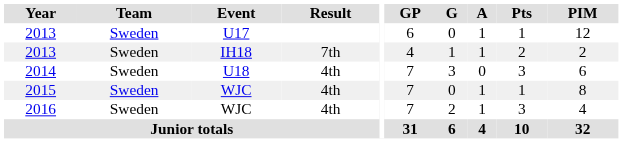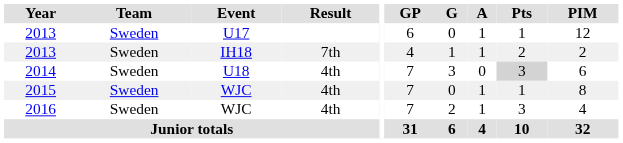 <table border="0" cellpadding="1" cellspacing="0" ID="Table3" style="text-align:center; width:40em">
 <tr ALIGN="center" bgcolor="#e0e0e0">
 <th>Year</th>
 <th>Team</th>
 <th>Event</th>
 <th>Result</th>
 <th rowspan="99" bgcolor="#ffffff"></th>
 <th>GP</th>
 <th>G</th>
 <th>A</th>
 <th>Pts</th>
 <th>PIM</th>
 </tr>
 <tr>
 <td><a href='#'>2013</a></td>
 <td><a href='#'>Sweden</a></td>
 <td><a href='#'>U17</a></td>
 <td></td>
 <td>6</td>
 <td>0</td>
 <td>1</td>
 <td>1</td>
 <td>12</td>
 </tr>
 <tr bgcolor="#f0f0f0">
 <td><a href='#'>2013</a></td>
 <td>Sweden</td>
 <td><a href='#'>IH18</a></td>
 <td>7th</td>
 <td>4</td>
 <td>1</td>
 <td>1</td>
 <td>2</td>
 <td>2</td>
 </tr>
 <tr>
 <td><a href='#'>2014</a></td>
 <td>Sweden</td>
 <td><a href='#'>U18</a></td>
 <td>4th</td>
 <td>7</td>
 <td>3</td>
 <td>0</td>
-<td>3</td>
+<td style="background: lightgrey;">3</td>
 <td>6</td>
 </tr>
 <tr bgcolor="#f0f0f0">
 <td><a href='#'>2015</a></td>
 <td><a href='#'>Sweden</a></td>
 <td><a href='#'>WJC</a></td>
 <td>4th</td>
 <td>7</td>
 <td>0</td>
 <td>1</td>
 <td>1</td>
 <td>8</td>
 </tr>
 <tr>
 <td><a href='#'>2016</a></td>
 <td>Sweden</td>
 <td>WJC</td>
 <td>4th</td>
 <td>7</td>
 <td>2</td>
 <td>1</td>
 <td>3</td>
 <td>4</td>
 </tr>
 <tr bgcolor="#e0e0e0">
 <th colspan="4">Junior totals</th>
 <th>31</th>
 <th>6</th>
 <th>4</th>
 <th>10</th>
 <th>32</th>
 </tr>
 </table>
